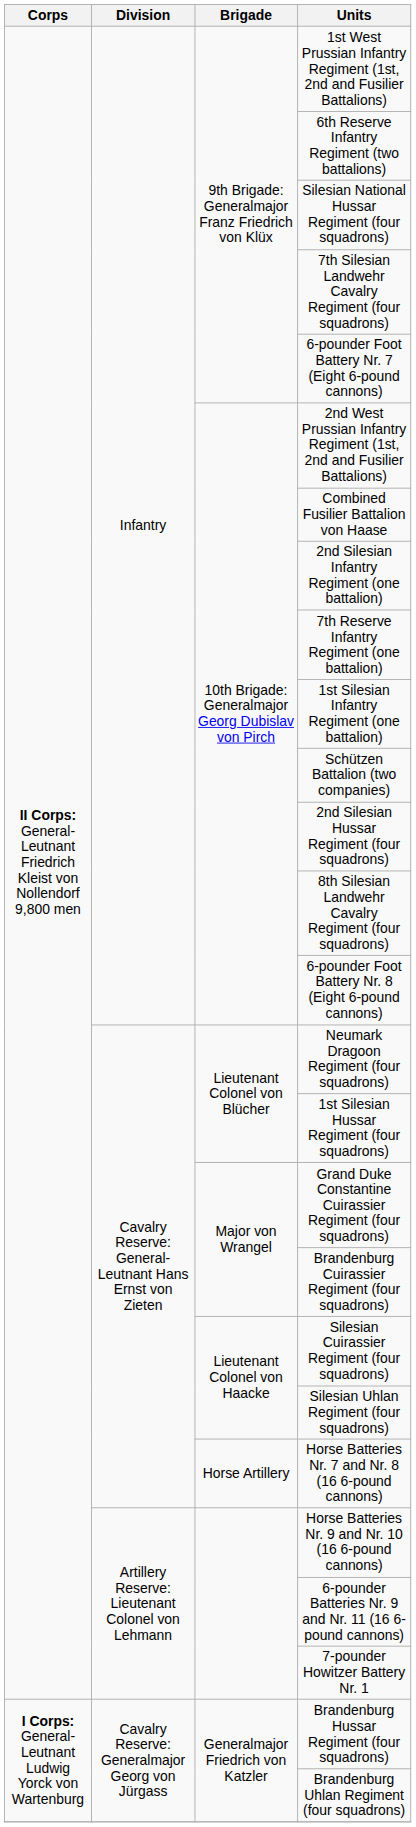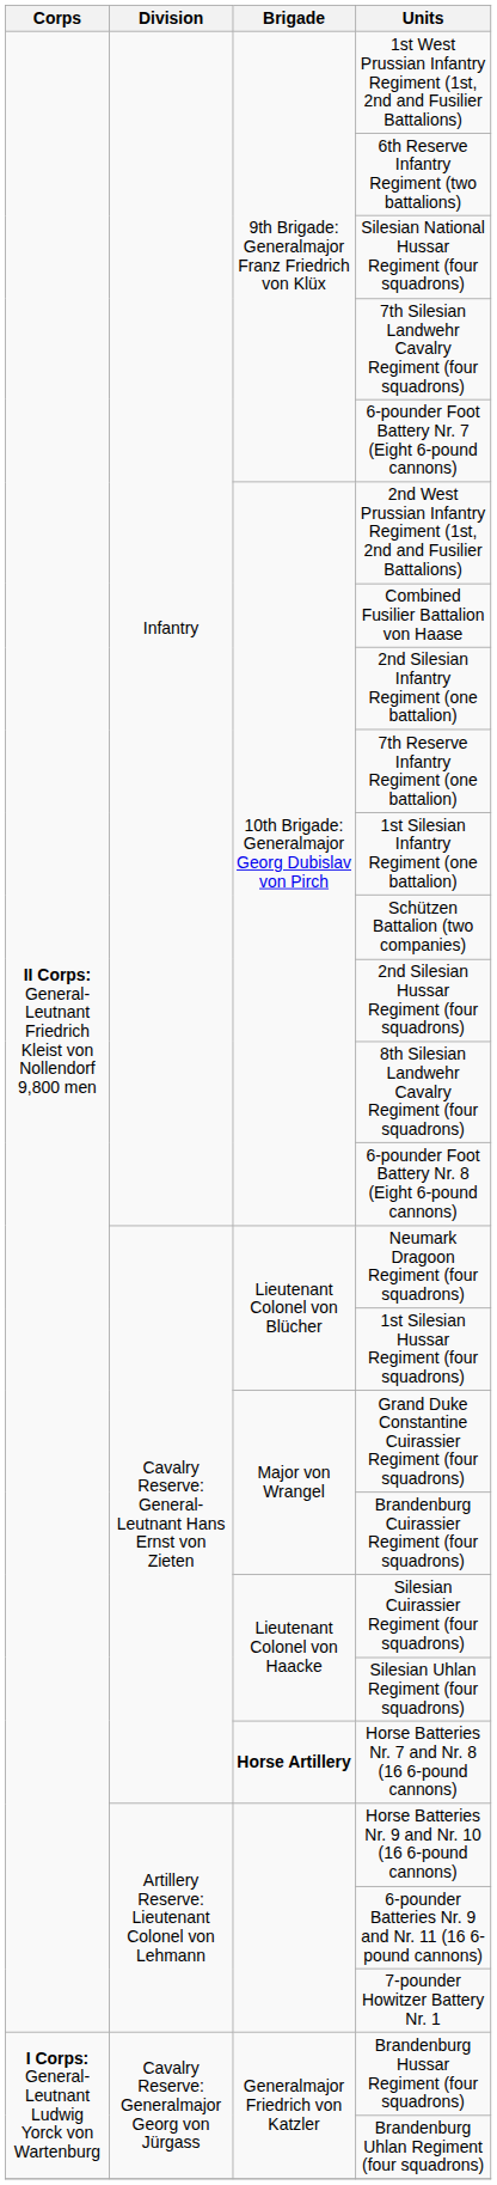 <table class="wikitable" style="text-align:center; width:75%;">
 <tr>
 <th>Corps</th>
 <th>Division</th>
 <th>Brigade</th>
 <th>Units</th>
 </tr>
 <tr>
 <td ROWSPAN=24><strong>II Corps:</strong> General-Leutnant<br>Friedrich Kleist von Nollendorf<br>9,800 men</td>
 <td ROWSPAN=14>Infantry</td>
 <td ROWSPAN=5>9th Brigade:<br>Generalmajor Franz Friedrich von Klüx</td>
 <td>1st West Prussian Infantry Regiment (1st, 2nd and Fusilier Battalions)</td>
 </tr>
 <tr>
 <td>6th Reserve Infantry Regiment (two battalions)</td>
 </tr>
 <tr>
 <td>Silesian National Hussar Regiment (four squadrons)</td>
 </tr>
 <tr>
 <td>7th Silesian Landwehr Cavalry Regiment (four squadrons)</td>
 </tr>
 <tr>
 <td>6-pounder Foot Battery Nr. 7 (Eight 6-pound cannons)</td>
 </tr>
 <tr>
 <td ROWSPAN=9>10th Brigade:<br>Generalmajor <a href='#'>Georg Dubislav von Pirch</a></td>
 <td>2nd West Prussian Infantry Regiment (1st, 2nd and Fusilier Battalions)</td>
 </tr>
 <tr>
 <td>Combined Fusilier Battalion von Haase</td>
 </tr>
 <tr>
 <td>2nd Silesian Infantry Regiment (one battalion)</td>
 </tr>
 <tr>
 <td>7th Reserve Infantry Regiment (one battalion)</td>
 </tr>
 <tr>
 <td>1st Silesian Infantry Regiment (one battalion)</td>
 </tr>
 <tr>
 <td>Schützen Battalion (two companies)</td>
 </tr>
 <tr>
 <td>2nd Silesian Hussar Regiment (four squadrons)</td>
 </tr>
 <tr>
 <td>8th Silesian Landwehr Cavalry Regiment (four squadrons)</td>
 </tr>
 <tr>
 <td>6-pounder Foot Battery Nr. 8 (Eight 6-pound cannons)</td>
 </tr>
 <tr>
 <td ROWSPAN=7>Cavalry Reserve:<br>General-Leutnant Hans Ernst von Zieten</td>
 <td ROWSPAN=2>Lieutenant Colonel von Blücher</td>
 <td>Neumark Dragoon Regiment (four squadrons)</td>
 </tr>
 <tr>
 <td>1st Silesian Hussar Regiment (four squadrons)</td>
 </tr>
 <tr>
 <td ROWSPAN=2>Major von Wrangel</td>
 <td>Grand Duke Constantine Cuirassier Regiment (four squadrons)</td>
 </tr>
 <tr>
 <td>Brandenburg Cuirassier Regiment (four squadrons)</td>
 </tr>
 <tr>
 <td ROWSPAN=2>Lieutenant Colonel von Haacke</td>
 <td>Silesian Cuirassier Regiment (four squadrons)</td>
 </tr>
 <tr>
 <td>Silesian Uhlan Regiment (four squadrons)</td>
 </tr>
 <tr>
-<td ROWSPAN=1>Horse Artillery</td>
+<td ROWSPAN=1><strong>Horse Artillery</strong></td>
 <td>Horse Batteries Nr. 7 and Nr. 8 (16 6-pound cannons)</td>
 </tr>
 <tr>
 <td ROWSPAN=3>Artillery Reserve:<br>Lieutenant Colonel von Lehmann</td>
 <td ROWSPAN=3></td>
 <td>Horse Batteries Nr. 9 and Nr. 10 (16 6-pound cannons)</td>
 </tr>
 <tr>
 <td>6-pounder Batteries Nr. 9 and Nr. 11 (16 6-pound cannons)</td>
 </tr>
 <tr>
 <td>7-pounder Howitzer Battery Nr. 1</td>
 </tr>
 <tr>
 <td ROWSPAN=2><strong>I Corps:</strong> General-Leutnant<br>Ludwig Yorck von Wartenburg</td>
 <td ROWSPAN=2>Cavalry Reserve:<br>Generalmajor Georg von Jürgass</td>
 <td ROWSPAN=2>Generalmajor Friedrich von Katzler</td>
 <td>Brandenburg Hussar Regiment (four squadrons)</td>
 </tr>
 <tr>
 <td>Brandenburg Uhlan Regiment (four squadrons)</td>
 </tr>
 <tr>
 </tr>
 </table>
